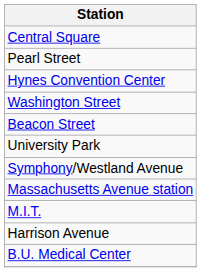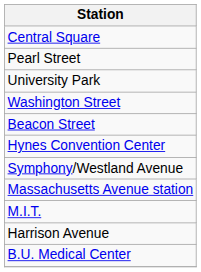 <table class="wikitable">
 <tr>
 <th>Station</th>
 </tr>
 <tr>
 <td><a href='#'>Central Square</a></td>
 </tr>
 <tr>
 <td>Pearl Street</td>
 </tr>
 <tr>
-<td><a href='#'>Hynes Convention Center</a></td>
+<td>University Park</td>
 </tr>
 <tr>
 <td><a href='#'>Washington Street</a></td>
 </tr>
 <tr>
 <td><a href='#'>Beacon Street</a></td>
 </tr>
 <tr>
-<td>University Park</td>
+<td><a href='#'>Hynes Convention Center</a></td>
 </tr>
 <tr>
 <td><a href='#'>Symphony</a>/Westland Avenue</td>
 </tr>
 <tr>
 <td><a href='#'>Massachusetts Avenue station</a></td>
 </tr>
 <tr>
 <td><a href='#'>M.I.T.</a></td>
 </tr>
 <tr>
 <td>Harrison Avenue</td>
 </tr>
 <tr>
 <td><a href='#'>B.U. Medical Center</a></td>
 </tr>
 <tr>
 </tr>
 </table>
